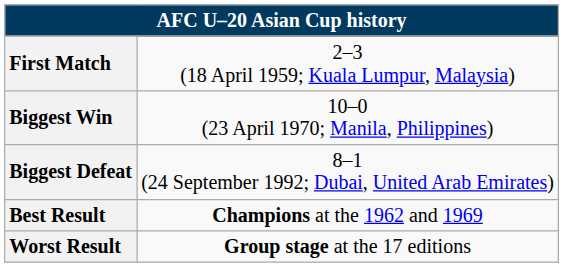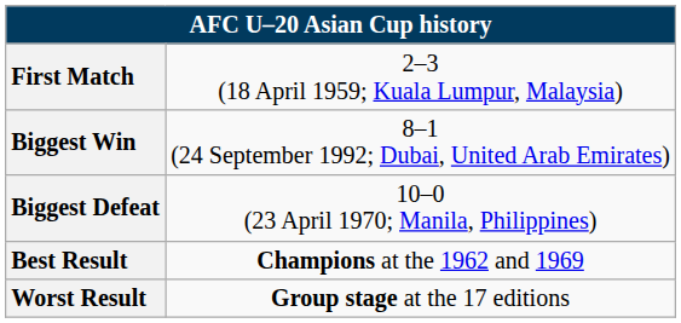 <table class="wikitable" style="text-align: center; font-size:100%">
 <tr>
 <th colspan=6 style="background: #013A5E; color: #FFFFFF;">AFC U–20 Asian Cup history</th>
 </tr>
 <tr>
 <th style="text-align: left;">First Match</th>
 <td style="text-align:center;"> 2–3 <br> (18 April 1959; <a href='#'>Kuala Lumpur</a>, <a href='#'>Malaysia</a>)</td>
 </tr>
 <tr>
 <th style="text-align: left;">Biggest Win</th>
-<td style="text-align:center;"> 10–0 <br> (23 April 1970; <a href='#'>Manila</a>, <a href='#'>Philippines</a>)</td>
+<td style="text-align:center;"> 8–1 <br> (24 September 1992; <a href='#'>Dubai</a>, <a href='#'>United Arab Emirates</a>)</td>
 </tr>
 <tr>
 <th style="text-align: left;">Biggest Defeat</th>
-<td style="text-align:center;"> 8–1 <br> (24 September 1992; <a href='#'>Dubai</a>, <a href='#'>United Arab Emirates</a>)</td>
+<td style="text-align:center;"> 10–0 <br> (23 April 1970; <a href='#'>Manila</a>, <a href='#'>Philippines</a>)</td>
 </tr>
 <tr>
 <th style="text-align: left;">Best Result</th>
 <td style="text-align:center;"><strong>Champions</strong> at the <a href='#'>1962</a> and <a href='#'>1969</a></td>
 </tr>
 <tr>
 <th style="text-align: left;">Worst Result</th>
 <td style="text-align:center;"><strong>Group stage</strong> at the 17 editions</td>
 </tr>
 </table>
